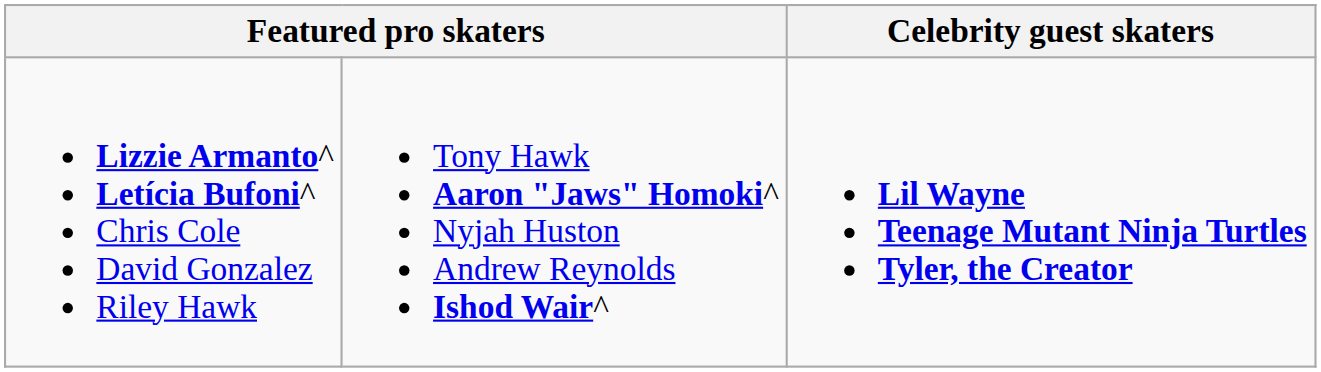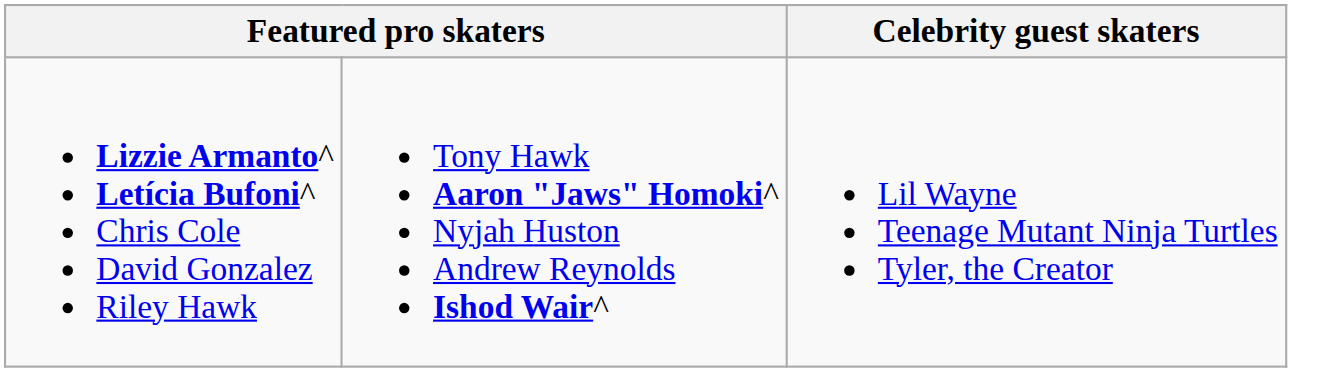 <table class="wikitable">
 <tr>
 <th colspan="2">Featured pro skaters</th>
 <th>Celebrity guest skaters</th>
 </tr>
 <tr>
 <td><br><ul><li><strong><a href='#'>Lizzie Armanto</a></strong>^</li><li><strong><a href='#'>Letícia Bufoni</a></strong>^</li><li><a href='#'>Chris Cole</a></li><li><a href='#'>David Gonzalez</a></li><li><a href='#'>Riley Hawk</a></li></ul></td>
 <td><br><ul><li><a href='#'>Tony Hawk</a></li><li><strong><a href='#'>Aaron "Jaws" Homoki</a></strong>^</li><li><a href='#'>Nyjah Huston</a></li><li><a href='#'>Andrew Reynolds</a></li><li><strong><a href='#'>Ishod Wair</a></strong>^</li></ul></td>
-<td><strong><br><ul><li><a href='#'>Lil Wayne</a></li><li><a href='#'>Teenage Mutant Ninja Turtles</a></li><li><a href='#'>Tyler, the Creator</a></li></ul></strong></td>
+<td><br><ul><li><a href='#'>Lil Wayne</a></li><li><a href='#'>Teenage Mutant Ninja Turtles</a></li><li><a href='#'>Tyler, the Creator</a></li></ul></td>
 </tr>
 </table>
